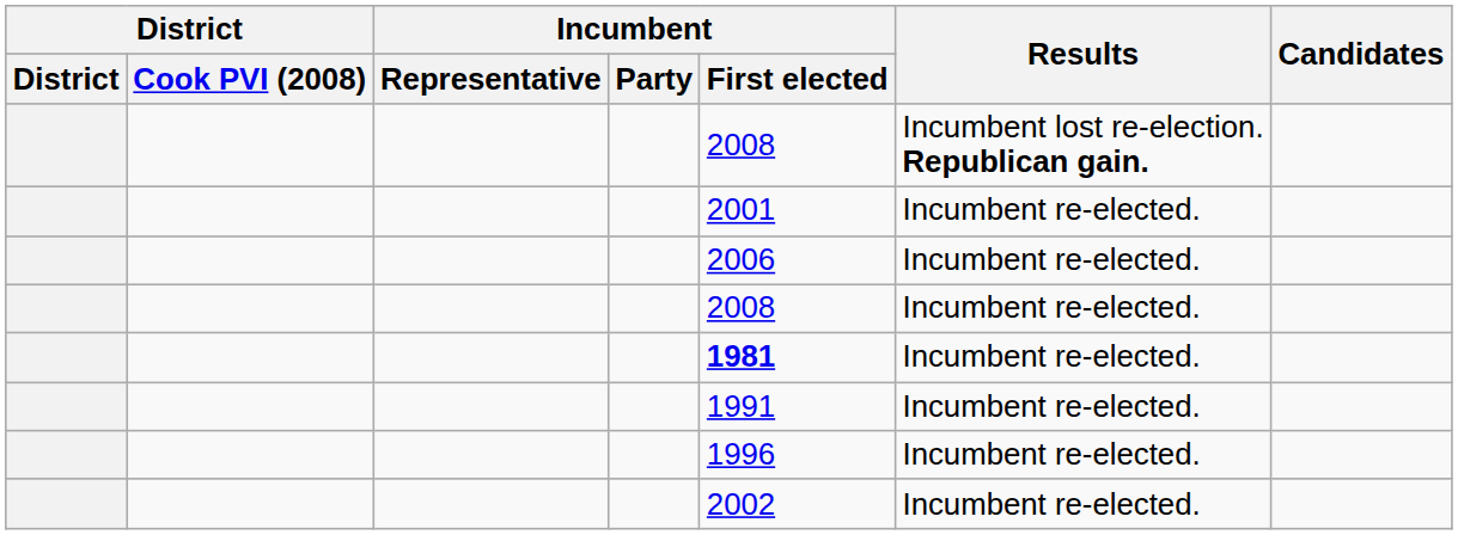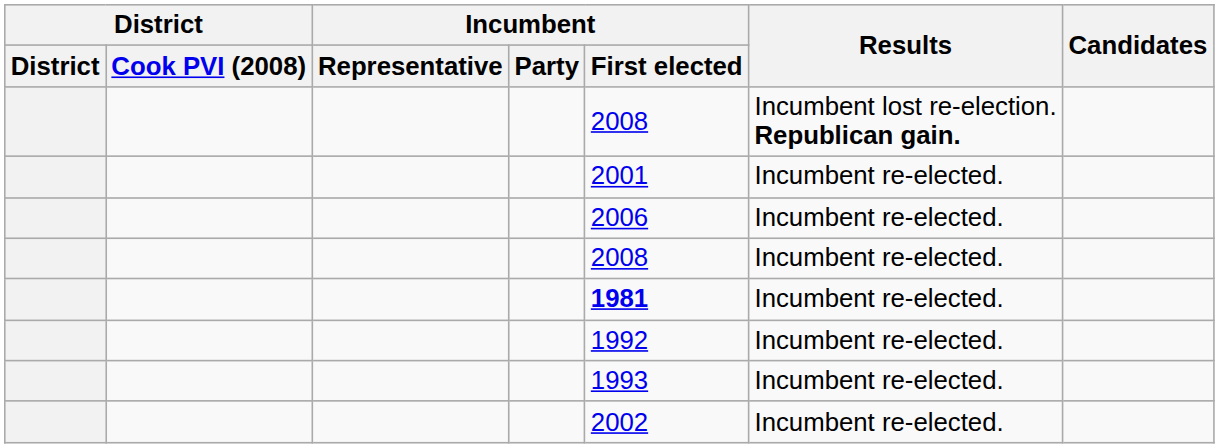 <table class="wikitable sortable">
 <tr>
 <th colspan=2>District</th>
 <th colspan=3>Incumbent</th>
 <th rowspan=2>Results</th>
 <th rowspan=2>Candidates</th>
 </tr>
 <tr valign=bottom>
 <th>District</th>
 <th><a href='#'>Cook PVI</a> (2008)</th>
 <th>Representative</th>
 <th>Party</th>
 <th>First elected</th>
 </tr>
 <tr>
 <th></th>
 <td></td>
 <td></td>
 <td></td>
 <td><a href='#'>2008</a></td>
 <td>Incumbent lost re-election.<br><strong>Republican gain.</strong></td>
 <td nowrap></td>
 </tr>
 <tr>
 <th></th>
 <td></td>
 <td></td>
 <td></td>
 <td><a href='#'>2001</a></td>
 <td>Incumbent re-elected.</td>
 <td nowrap></td>
 </tr>
 <tr>
 <th></th>
 <td></td>
 <td></td>
 <td></td>
 <td><a href='#'>2006</a></td>
 <td>Incumbent re-elected.</td>
 <td nowrap></td>
 </tr>
 <tr>
 <th></th>
 <td></td>
 <td></td>
 <td></td>
 <td><a href='#'>2008</a></td>
 <td>Incumbent re-elected.</td>
 <td nowrap></td>
 </tr>
 <tr>
 <th></th>
 <td></td>
 <td></td>
 <td></td>
 <td><strong><a href='#'>1981 </a></strong></td>
 <td>Incumbent re-elected.</td>
 <td nowrap></td>
 </tr>
 <tr>
 <th></th>
 <td></td>
 <td></td>
 <td></td>
-<td><a href='#'>1991</a></td>
+<td><a href='#'>1992</a></td>
 <td>Incumbent re-elected.</td>
 <td nowrap></td>
 </tr>
 <tr>
 <th></th>
 <td></td>
 <td></td>
 <td></td>
-<td><a href='#'>1996</a></td>
+<td><a href='#'>1993</a></td>
 <td>Incumbent re-elected.</td>
 <td nowrap></td>
 </tr>
 <tr>
 <th></th>
 <td></td>
 <td></td>
 <td></td>
 <td><a href='#'>2002</a></td>
 <td>Incumbent re-elected.</td>
 <td nowrap></td>
 </tr>
 </table>
